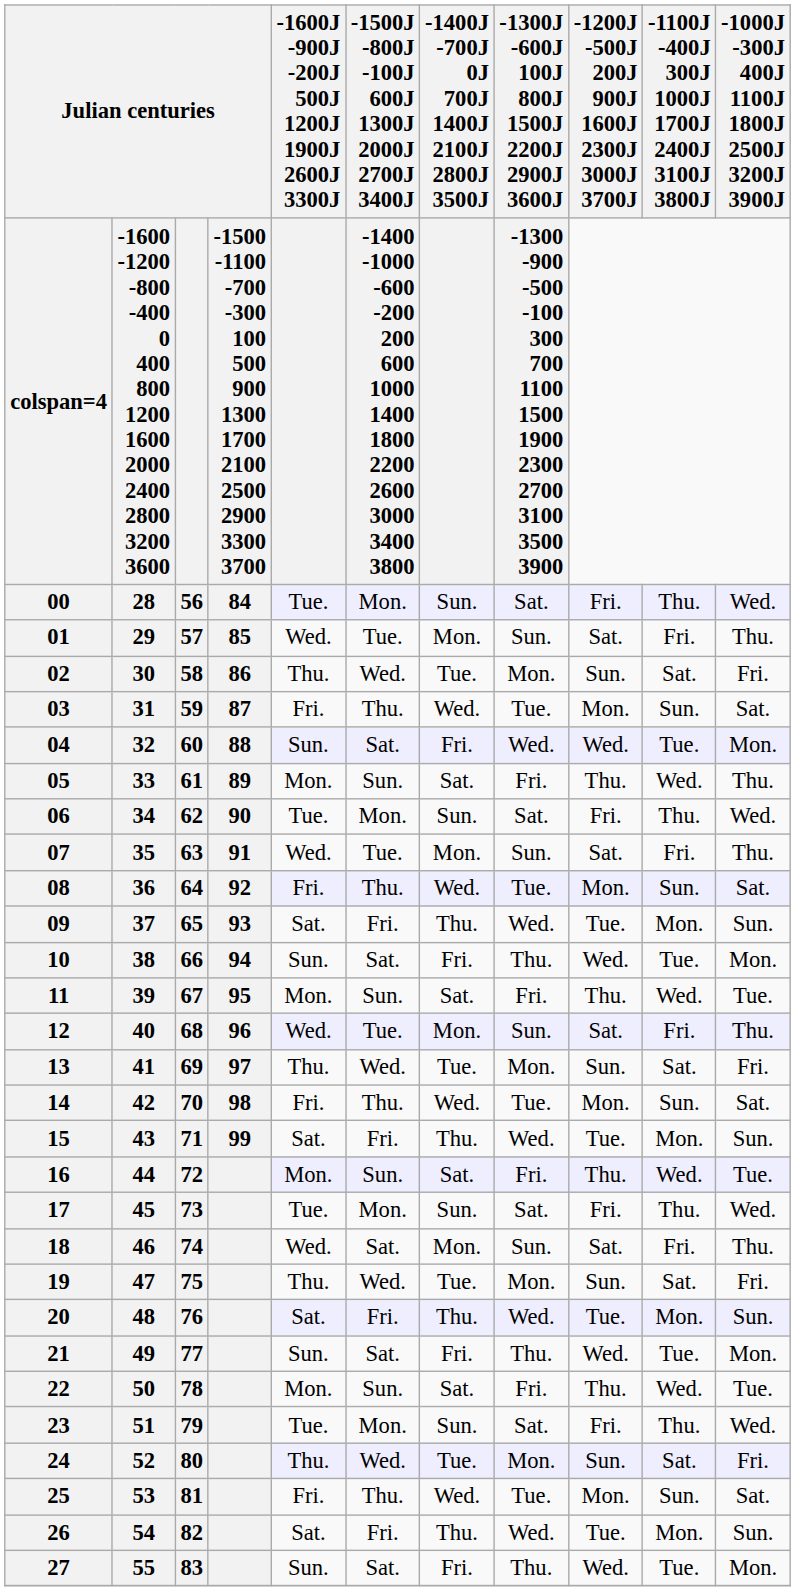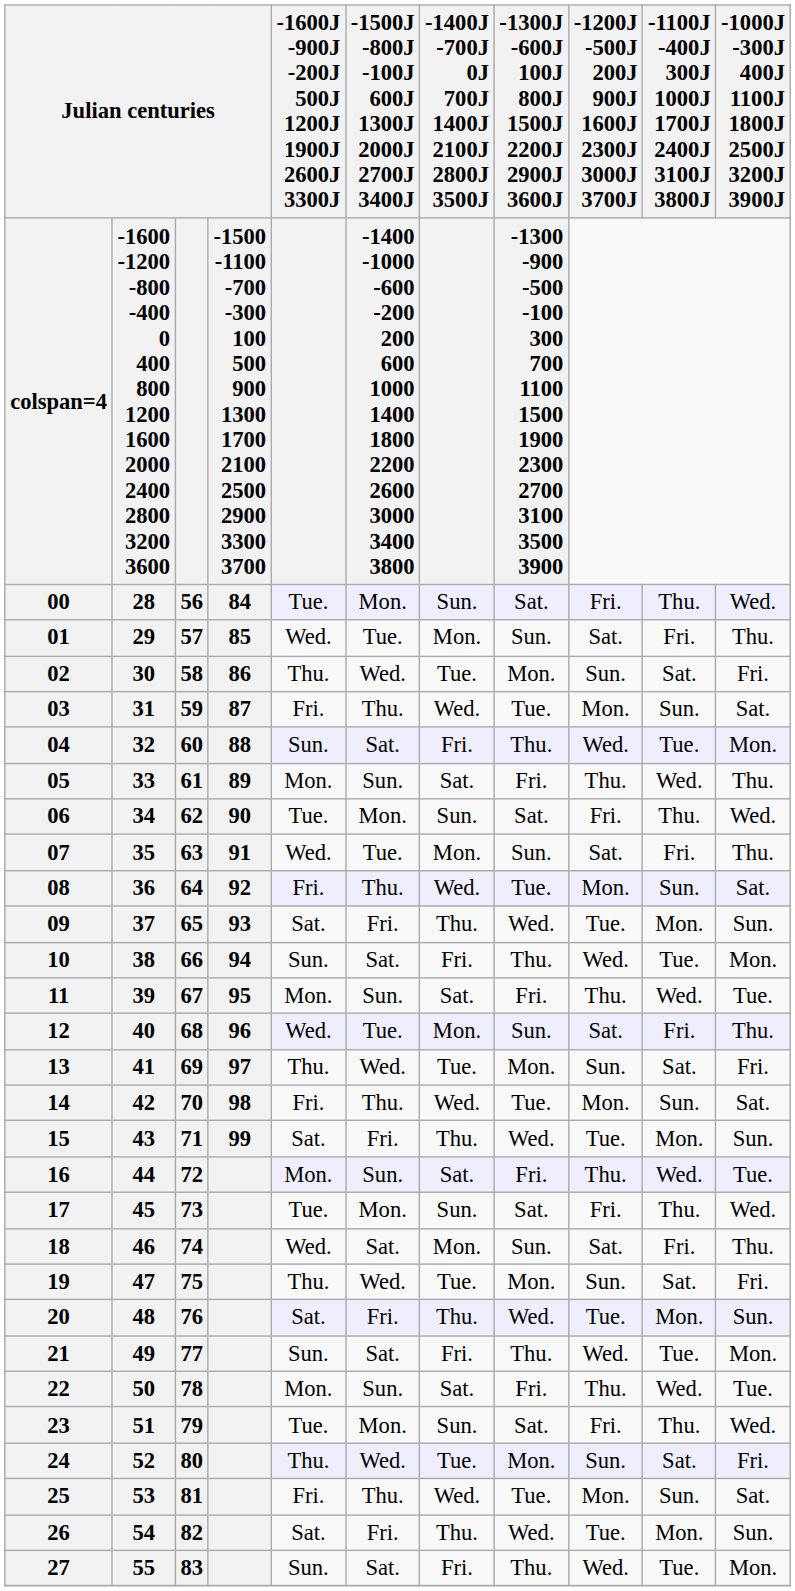 <table class="wikitable mw-collapsible mw-collapsed" style="clear:right;float:right;margin:0.5em 1em 0.5em 0;text-align:center">
 <tr>
 <th colspan=4>Julian centuries</th>
 <th style="text-align:right">-1600J<br>  -900J<br>  -200J<br>  500J<br> 1200J<br> 1900J<br> 2600J<br> 3300J</th>
 <th style="text-align:right">-1500J<br>  -800J<br>  -100J<br>  600J<br> 1300J<br> 2000J<br> 2700J<br> 3400J</th>
 <th style="text-align:right">-1400J<br>  -700J<br>     0J<br>  700J<br> 1400J<br> 2100J<br> 2800J<br> 3500J</th>
 <th style="text-align:right">-1300J<br>  -600J<br>   100J<br>  800J<br> 1500J<br> 2200J<br> 2900J<br> 3600J</th>
 <th style="text-align:right">-1200J<br>  -500J<br>   200J<br>  900J<br> 1600J<br> 2300J<br> 3000J<br> 3700J</th>
 <th style="text-align:right">-1100J<br>  -400J<br>   300J<br> 1000J<br> 1700J<br> 2400J<br> 3100J<br> 3800J</th>
 <th style="text-align:right">-1000J<br>  -300J<br>   400J<br> 1100J<br> 1800J<br> 2500J<br> 3200J<br> 3900J</th>
 </tr>
 <tr>
 <th>colspan=4 </th>
 <th valign="top" scope="col" style="text-align:right">-1600<br> -1200<br>  -800<br>  -400<br>   0<br> 400<br>  800<br> 1200<br> 1600<br> 2000<br> 2400<br> 2800<br> 3200<br> 3600</th>
 <th valign="top" scope="col" style="text-align:right"></th>
 <th valign="top" scope="col" style="text-align:right">-1500<br> -1100<br>  -700<br>  -300<br> 100<br> 500<br>  900<br> 1300<br> 1700<br> 2100<br> 2500<br> 2900<br> 3300<br> 3700</th>
 <th valign="top" scope="col" style="text-align:right"></th>
 <th valign="top" scope="col" style="text-align:right">-1400<br> -1000<br>  -600<br>  -200<br> 200<br> 600<br> 1000<br> 1400<br> 1800<br> 2200<br> 2600<br> 3000<br> 3400<br> 3800</th>
 <th valign="top" scope="col" style="text-align:right"></th>
 <th valign="top" scope="col" style="text-align:right">-1300<br> -900<br>   -500<br>  -100<br> 300<br> 700<br> 1100<br> 1500<br> 1900<br> 2300<br> 2700<br> 3100<br> 3500<br> 3900</th>
 </tr>
 <tr style="background:#EEF">
 <th scope="row">00</th>
 <th>28</th>
 <th>56</th>
 <th>84</th>
 <td>Tue.</td>
 <td>Mon.</td>
 <td>Sun.</td>
 <td>Sat.</td>
 <td>Fri.</td>
 <td>Thu.</td>
 <td>Wed.</td>
 </tr>
 <tr>
 <th scope="row">01</th>
 <th>29</th>
 <th>57</th>
 <th>85</th>
 <td>Wed.</td>
 <td>Tue.</td>
 <td>Mon.</td>
 <td>Sun.</td>
 <td>Sat.</td>
 <td>Fri.</td>
 <td>Thu.</td>
 </tr>
 <tr>
 <th scope="row">02</th>
 <th>30</th>
 <th>58</th>
 <th>86</th>
 <td>Thu.</td>
 <td>Wed.</td>
 <td>Tue.</td>
 <td>Mon.</td>
 <td>Sun.</td>
 <td>Sat.</td>
 <td>Fri.</td>
 </tr>
 <tr>
 <th scope="row">03</th>
 <th>31</th>
 <th>59</th>
 <th>87</th>
 <td>Fri.</td>
 <td>Thu.</td>
 <td>Wed.</td>
 <td>Tue.</td>
 <td>Mon.</td>
 <td>Sun.</td>
 <td>Sat.</td>
 </tr>
 <tr style="background:#EEF">
 <th scope="row">04</th>
 <th>32</th>
 <th>60</th>
 <th>88</th>
 <td>Sun.</td>
 <td>Sat.</td>
 <td>Fri.</td>
-<td>Wed.</td>
+<td>Thu.</td>
 <td>Wed.</td>
 <td>Tue.</td>
 <td>Mon.</td>
 </tr>
 <tr>
 <th scope="row">05</th>
 <th>33</th>
 <th>61</th>
 <th>89</th>
 <td>Mon.</td>
 <td>Sun.</td>
 <td>Sat.</td>
 <td>Fri.</td>
 <td>Thu.</td>
 <td>Wed.</td>
 <td>Thu.</td>
 </tr>
 <tr>
 <th scope="row">06</th>
 <th>34</th>
 <th>62</th>
 <th>90</th>
 <td>Tue.</td>
 <td>Mon.</td>
 <td>Sun.</td>
 <td>Sat.</td>
 <td>Fri.</td>
 <td>Thu.</td>
 <td>Wed.</td>
 </tr>
 <tr>
 <th scope="row">07</th>
 <th>35</th>
 <th>63</th>
 <th>91</th>
 <td>Wed.</td>
 <td>Tue.</td>
 <td>Mon.</td>
 <td>Sun.</td>
 <td>Sat.</td>
 <td>Fri.</td>
 <td>Thu.</td>
 </tr>
 <tr style="background:#EEF">
 <th scope="row">08</th>
 <th>36</th>
 <th>64</th>
 <th>92</th>
 <td>Fri.</td>
 <td>Thu.</td>
 <td>Wed.</td>
 <td>Tue.</td>
 <td>Mon.</td>
 <td>Sun.</td>
 <td>Sat.</td>
 </tr>
 <tr>
 <th scope="row">09</th>
 <th>37</th>
 <th>65</th>
 <th>93</th>
 <td>Sat.</td>
 <td>Fri.</td>
 <td>Thu.</td>
 <td>Wed.</td>
 <td>Tue.</td>
 <td>Mon.</td>
 <td>Sun.</td>
 </tr>
 <tr>
 <th scope="row">10</th>
 <th>38</th>
 <th>66</th>
 <th>94</th>
 <td>Sun.</td>
 <td>Sat.</td>
 <td>Fri.</td>
 <td>Thu.</td>
 <td>Wed.</td>
 <td>Tue.</td>
 <td>Mon.</td>
 </tr>
 <tr>
 <th scope="row">11</th>
 <th>39</th>
 <th>67</th>
 <th>95</th>
 <td>Mon.</td>
 <td>Sun.</td>
 <td>Sat.</td>
 <td>Fri.</td>
 <td>Thu.</td>
 <td>Wed.</td>
 <td>Tue.</td>
 </tr>
 <tr style="background:#EEF">
 <th scope="row">12</th>
 <th>40</th>
 <th>68</th>
 <th>96</th>
 <td>Wed.</td>
 <td>Tue.</td>
 <td>Mon.</td>
 <td>Sun.</td>
 <td>Sat.</td>
 <td>Fri.</td>
 <td>Thu.</td>
 </tr>
 <tr>
 <th scope="row">13</th>
 <th>41</th>
 <th>69</th>
 <th>97</th>
 <td>Thu.</td>
 <td>Wed.</td>
 <td>Tue.</td>
 <td>Mon.</td>
 <td>Sun.</td>
 <td>Sat.</td>
 <td>Fri.</td>
 </tr>
 <tr>
 <th scope="row">14</th>
 <th>42</th>
 <th>70</th>
 <th>98</th>
 <td>Fri.</td>
 <td>Thu.</td>
 <td>Wed.</td>
 <td>Tue.</td>
 <td>Mon.</td>
 <td>Sun.</td>
 <td>Sat.</td>
 </tr>
 <tr>
 <th scope="row">15</th>
 <th>43</th>
 <th>71</th>
 <th>99</th>
 <td>Sat.</td>
 <td>Fri.</td>
 <td>Thu.</td>
 <td>Wed.</td>
 <td>Tue.</td>
 <td>Mon.</td>
 <td>Sun.</td>
 </tr>
 <tr style="background:#EEF">
 <th scope="row">16</th>
 <th>44</th>
 <th>72</th>
 <th></th>
 <td>Mon.</td>
 <td>Sun.</td>
 <td>Sat.</td>
 <td>Fri.</td>
 <td>Thu.</td>
 <td>Wed.</td>
 <td>Tue.</td>
 </tr>
 <tr>
 <th scope="row">17</th>
 <th>45</th>
 <th>73</th>
 <th></th>
 <td>Tue.</td>
 <td>Mon.</td>
 <td>Sun.</td>
 <td>Sat.</td>
 <td>Fri.</td>
 <td>Thu.</td>
 <td>Wed.</td>
 </tr>
 <tr>
 <th scope="row">18</th>
 <th>46</th>
 <th>74</th>
 <th></th>
 <td>Wed.</td>
 <td>Sat.</td>
 <td>Mon.</td>
 <td>Sun.</td>
 <td>Sat.</td>
 <td>Fri.</td>
 <td>Thu.</td>
 </tr>
 <tr>
 <th scope="row">19</th>
 <th>47</th>
 <th>75</th>
 <th></th>
 <td>Thu.</td>
 <td>Wed.</td>
 <td>Tue.</td>
 <td>Mon.</td>
 <td>Sun.</td>
 <td>Sat.</td>
 <td>Fri.</td>
 </tr>
 <tr style="background:#EEF">
 <th scope="row">20</th>
 <th>48</th>
 <th>76</th>
 <th></th>
 <td>Sat.</td>
 <td>Fri.</td>
 <td>Thu.</td>
 <td>Wed.</td>
 <td>Tue.</td>
 <td>Mon.</td>
 <td>Sun.</td>
 </tr>
 <tr>
 <th scope="row">21</th>
 <th>49</th>
 <th>77</th>
 <th></th>
 <td>Sun.</td>
 <td>Sat.</td>
 <td>Fri.</td>
 <td>Thu.</td>
 <td>Wed.</td>
 <td>Tue.</td>
 <td>Mon.</td>
 </tr>
 <tr>
 <th scope="row">22</th>
 <th>50</th>
 <th>78</th>
 <th></th>
 <td>Mon.</td>
 <td>Sun.</td>
 <td>Sat.</td>
 <td>Fri.</td>
 <td>Thu.</td>
 <td>Wed.</td>
 <td>Tue.</td>
 </tr>
 <tr>
 <th scope="row">23</th>
 <th>51</th>
 <th>79</th>
 <th></th>
 <td>Tue.</td>
 <td>Mon.</td>
 <td>Sun.</td>
 <td>Sat.</td>
 <td>Fri.</td>
 <td>Thu.</td>
 <td>Wed.</td>
 </tr>
 <tr style="background:#EEF">
 <th scope="row">24</th>
 <th>52</th>
 <th>80</th>
 <th></th>
 <td>Thu.</td>
 <td>Wed.</td>
 <td>Tue.</td>
 <td>Mon.</td>
 <td>Sun.</td>
 <td>Sat.</td>
 <td>Fri.</td>
 </tr>
 <tr>
 <th scope="row">25</th>
 <th>53</th>
 <th>81</th>
 <th></th>
 <td>Fri.</td>
 <td>Thu.</td>
 <td>Wed.</td>
 <td>Tue.</td>
 <td>Mon.</td>
 <td>Sun.</td>
 <td>Sat.</td>
 </tr>
 <tr>
 <th scope="row">26</th>
 <th>54</th>
 <th>82</th>
 <th></th>
 <td>Sat.</td>
 <td>Fri.</td>
 <td>Thu.</td>
 <td>Wed.</td>
 <td>Tue.</td>
 <td>Mon.</td>
 <td>Sun.</td>
 </tr>
 <tr>
 <th scope="row">27</th>
 <th>55</th>
 <th>83</th>
 <th></th>
 <td>Sun.</td>
 <td>Sat.</td>
 <td>Fri.</td>
 <td>Thu.</td>
 <td>Wed.</td>
 <td>Tue.</td>
 <td>Mon.</td>
 </tr>
 <tr>
 </tr>
 </table>
